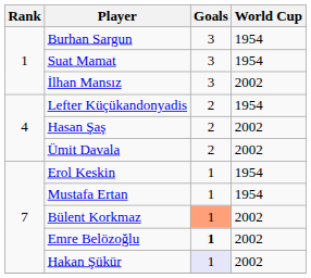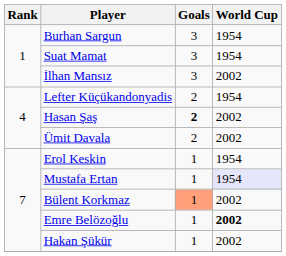 <table class="wikitable" style="text-align: left;">
 <tr>
 <th>Rank</th>
 <th>Player</th>
 <th>Goals</th>
 <th>World Cup</th>
 </tr>
 <tr>
 <td rowspan=3 align=center>1</td>
 <td><a href='#'>Burhan Sargun</a></td>
 <td align=center>3</td>
 <td>1954</td>
 </tr>
 <tr>
 <td><a href='#'>Suat Mamat</a></td>
 <td align=center>3</td>
 <td>1954</td>
 </tr>
 <tr>
 <td><a href='#'>İlhan Mansız</a></td>
 <td align=center>3</td>
 <td>2002</td>
 </tr>
 <tr>
 <td rowspan=3 align=center>4</td>
 <td><a href='#'>Lefter Küçükandonyadis</a></td>
 <td align=center>2</td>
 <td>1954</td>
 </tr>
 <tr>
 <td><a href='#'>Hasan Şaş</a></td>
-<td align=center>2</td>
+<td align=center><strong>2</strong></td>
 <td>2002</td>
 </tr>
 <tr>
 <td><a href='#'>Ümit Davala</a></td>
 <td align=center>2</td>
 <td>2002</td>
 </tr>
 <tr>
 <td rowspan=5 align=center>7</td>
 <td><a href='#'>Erol Keskin</a></td>
 <td align=center>1</td>
 <td>1954</td>
 </tr>
 <tr>
 <td><a href='#'>Mustafa Ertan</a></td>
 <td align=center>1</td>
-<td>1954</td>
+<td style="background: lavender;">1954</td>
 </tr>
 <tr>
 <td><a href='#'>Bülent Korkmaz</a></td>
 <td align=center style="background: lightsalmon;">1</td>
 <td>2002</td>
 </tr>
 <tr>
 <td><a href='#'>Emre Belözoğlu</a></td>
-<td align=center><strong>1</strong></td>
-<td>2002</td>
+<td align=center>1</td>
+<td><strong>2002</strong></td>
 </tr>
 <tr>
 <td><a href='#'>Hakan Şükür</a></td>
-<td align=center style="background: lavender;">1</td>
+<td align=center>1</td>
 <td>2002</td>
 </tr>
 <tr>
 </tr>
 </table>
